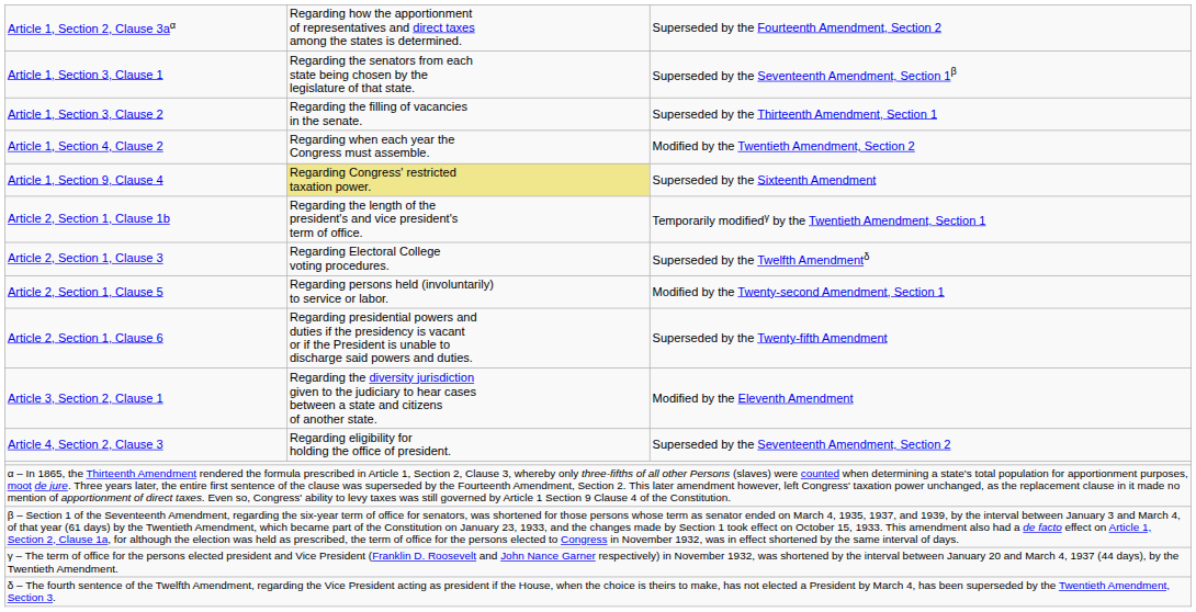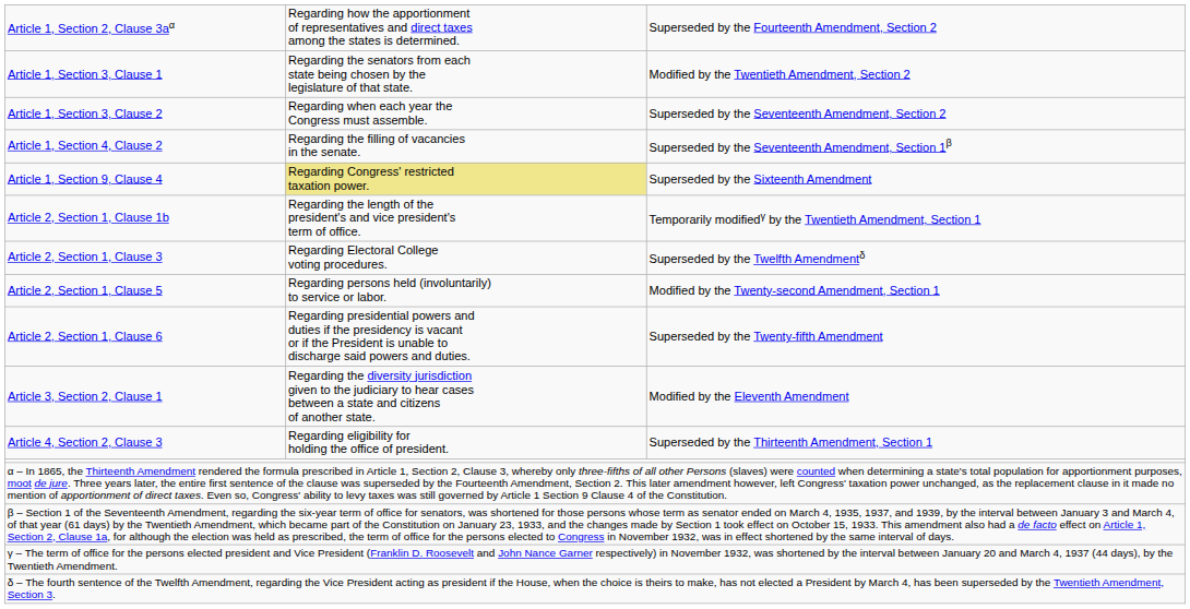 <table class="wikitable">
 <tr>
 <td><a href='#'>Article 1, Section 2, Clause 3a</a><sup><span>α</span></sup></td>
 <td>Regarding how the apportionment<br>of representatives and <a href='#'>direct taxes</a><br>among the states is determined.</td>
 <td>Superseded by the <a href='#'>Fourteenth Amendment, Section 2</a></td>
 </tr>
 <tr>
 <td><a href='#'>Article 1, Section 3, Clause 1</a></td>
 <td>Regarding the senators from each<br>state being chosen by the<br>legislature of that state.</td>
-<td>Superseded by the <a href='#'>Seventeenth Amendment, Section 1</a><sup><span>β</span></sup></td>
+<td>Modified by the <a href='#'>Twentieth Amendment, Section 2</a></td>
 </tr>
 <tr>
 <td><a href='#'>Article 1, Section 3, Clause 2</a></td>
-<td>Regarding the filling of vacancies<br>in the senate.</td>
-<td>Superseded by the <a href='#'>Thirteenth Amendment, Section 1</a></td>
+<td>Regarding when each year the<br>Congress must assemble.</td>
+<td>Superseded by the <a href='#'>Seventeenth Amendment, Section 2</a></td>
 </tr>
 <tr>
 <td><a href='#'>Article 1, Section 4, Clause 2</a></td>
-<td>Regarding when each year the<br>Congress must assemble.</td>
-<td>Modified by the <a href='#'>Twentieth Amendment, Section 2</a></td>
+<td>Regarding the filling of vacancies<br>in the senate.</td>
+<td>Superseded by the <a href='#'>Seventeenth Amendment, Section 1</a><sup><span>β</span></sup></td>
 </tr>
 <tr>
 <td><a href='#'>Article 1, Section 9, Clause 4</a></td>
 <td style="background: khaki;">Regarding Congress' restricted<br>taxation power.</td>
 <td>Superseded by the <a href='#'>Sixteenth Amendment</a></td>
 </tr>
 <tr>
 <td><a href='#'>Article 2, Section 1, Clause 1b</a></td>
 <td>Regarding the length of the<br>president's and vice president's<br>term of office.</td>
 <td>Temporarily modified<sup><span>γ</span></sup> by the <a href='#'>Twentieth Amendment, Section 1</a></td>
 </tr>
 <tr>
 <td><a href='#'>Article 2, Section 1, Clause 3</a></td>
 <td>Regarding Electoral College<br>voting procedures.</td>
 <td>Superseded by the <a href='#'>Twelfth Amendment</a><sup><span>δ</span></sup></td>
 </tr>
 <tr>
 <td><a href='#'>Article 2, Section 1, Clause 5</a></td>
 <td>Regarding persons held (involuntarily)<br>to service or labor.</td>
 <td>Modified by the <a href='#'>Twenty-second Amendment, Section 1</a></td>
 </tr>
 <tr>
 <td><a href='#'>Article 2, Section 1, Clause 6</a></td>
 <td>Regarding presidential powers and<br>duties if the presidency is vacant<br>or if the President is unable to<br>discharge said powers and duties.</td>
 <td>Superseded by the <a href='#'>Twenty-fifth Amendment</a></td>
 </tr>
 <tr>
 <td><a href='#'>Article 3, Section 2, Clause 1</a></td>
 <td>Regarding the <a href='#'>diversity jurisdiction</a><br>given to the judiciary to hear cases<br>between a state and citizens<br>of another state.</td>
 <td>Modified by the <a href='#'>Eleventh Amendment</a></td>
 </tr>
 <tr>
 <td><a href='#'>Article 4, Section 2, Clause 3</a></td>
 <td>Regarding eligibility for<br>holding the office of president.</td>
-<td>Superseded by the <a href='#'>Seventeenth Amendment, Section 2</a></td>
+<td>Superseded by the <a href='#'>Thirteenth Amendment, Section 1</a></td>
 </tr>
 <tr>
 <td colspan="3" style="font-size:60%"></td>
 </tr>
 <tr>
 <td colspan="3" style="font-size:90%"><span>α</span> – In 1865, the <a href='#'>Thirteenth Amendment</a> rendered the formula prescribed in Article 1, Section 2, Clause 3, whereby only <em>three-fifths of all other Persons</em> (slaves) were <a href='#'>counted</a> when determining a state's total population for apportionment purposes, <a href='#'>moot</a> <em><a href='#'>de jure</a></em>. Three years later, the entire first sentence of the clause was superseded by the Fourteenth Amendment, Section 2. This later amendment however, left Congress' taxation power unchanged, as the replacement clause in it made no mention of <em>apportionment of direct taxes</em>. Even so, Congress' ability to levy taxes was still governed by Article 1 Section 9 Clause 4 of the Constitution.</td>
 </tr>
 <tr>
 <td colspan="3" style="font-size:90%"><span>β</span> – Section 1 of the Seventeenth Amendment, regarding the six-year term of office for senators, was shortened for those persons whose term as senator ended on March 4, 1935, 1937, and 1939, by the interval between January 3 and March 4, of that year (61 days) by the Twentieth Amendment, which became part of the Constitution on January 23, 1933, and the changes made by Section 1 took effect on October 15, 1933. This amendment also had a <em><a href='#'>de facto</a></em> effect on <a href='#'>Article 1, Section 2, Clause 1a</a>, for although the election was held as prescribed, the term of office for the persons elected to <a href='#'>Congress</a> in November 1932, was in effect shortened by the same interval of days.</td>
 </tr>
 <tr>
 <td colspan="3" style="font-size:90%"><span>γ</span> – The term of office for the persons elected president and Vice President (<a href='#'>Franklin D. Roosevelt</a> and <a href='#'>John Nance Garner</a> respectively) in November 1932, was shortened by the interval between January 20 and March 4, 1937 (44 days), by the Twentieth Amendment.</td>
 </tr>
 <tr>
 <td colspan="3" style="font-size:90%"><span>δ</span> – The fourth sentence of the Twelfth Amendment, regarding the Vice President acting as president if the House, when the choice is theirs to make, has not elected a President by March 4, has been superseded by the <a href='#'>Twentieth Amendment, Section 3</a>.</td>
 </tr>
 </table>
